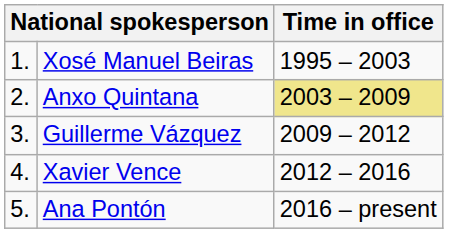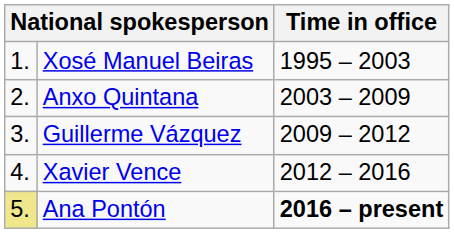 <table class="wikitable">
 <tr>
 <th colspan="2">National spokesperson</th>
 <th>Time in office</th>
 </tr>
 <tr>
 <td>1.</td>
 <td><a href='#'>Xosé Manuel Beiras</a></td>
 <td>1995 – 2003</td>
 </tr>
 <tr>
 <td>2.</td>
 <td><a href='#'>Anxo Quintana</a></td>
-<td style="background: khaki;">2003 – 2009</td>
+<td>2003 – 2009</td>
 </tr>
 <tr>
 <td>3.</td>
 <td><a href='#'>Guillerme Vázquez</a></td>
 <td>2009 – 2012</td>
 </tr>
 <tr>
 <td>4.</td>
 <td><a href='#'>Xavier Vence</a></td>
 <td>2012 – 2016</td>
 </tr>
 <tr>
-<td>5.</td>
+<td style="background: khaki;">5.</td>
 <td><a href='#'>Ana Pontón</a></td>
-<td>2016 – present</td>
+<td><strong>2016 – present</strong></td>
 </tr>
 </table>
